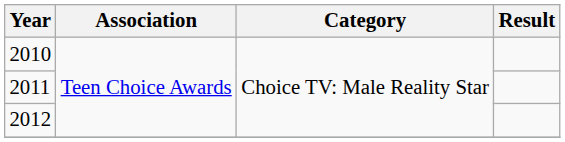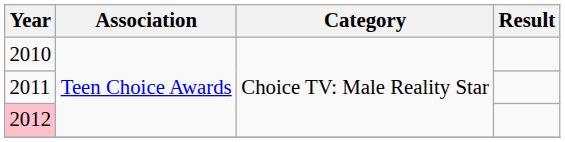 <table class="wikitable">
 <tr>
 <th>Year</th>
 <th>Association</th>
 <th>Category</th>
 <th>Result</th>
 </tr>
 <tr>
 <td rowspan="1">2010</td>
 <td rowspan="3"><a href='#'>Teen Choice Awards</a></td>
 <td rowspan="3">Choice TV: Male Reality Star</td>
 <td></td>
 </tr>
 <tr>
 <td rowspan="1">2011</td>
 <td></td>
 </tr>
 <tr>
-<td rowspan="1">2012</td>
+<td rowspan="1" style="background: pink;">2012</td>
 <td></td>
 </tr>
 <tr>
 </tr>
 </table>
